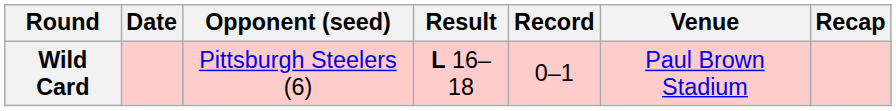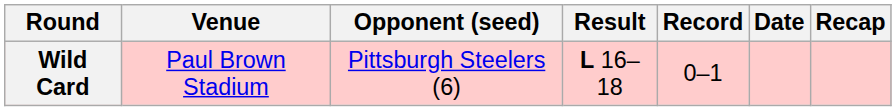 <table class="wikitable" style="text-align:center">
 <tr>
 <th>Round</th>
-<th>Date</th>
+<th>Venue</th>
 <th>Opponent (seed)</th>
 <th>Result</th>
 <th>Record</th>
-<th>Venue</th>
+<th>Date</th>
 <th>Recap</th>
 </tr>
 <tr style="background:#fcc">
 <th>Wild Card</th>
-<td></td>
+<td><a href='#'>Paul Brown Stadium</a></td>
 <td><a href='#'>Pittsburgh Steelers</a> (6)</td>
 <td><strong>L</strong> 16–18</td>
 <td>0–1</td>
-<td><a href='#'>Paul Brown Stadium</a></td>
+<td></td>
 <td></td>
 </tr>
 </table>
